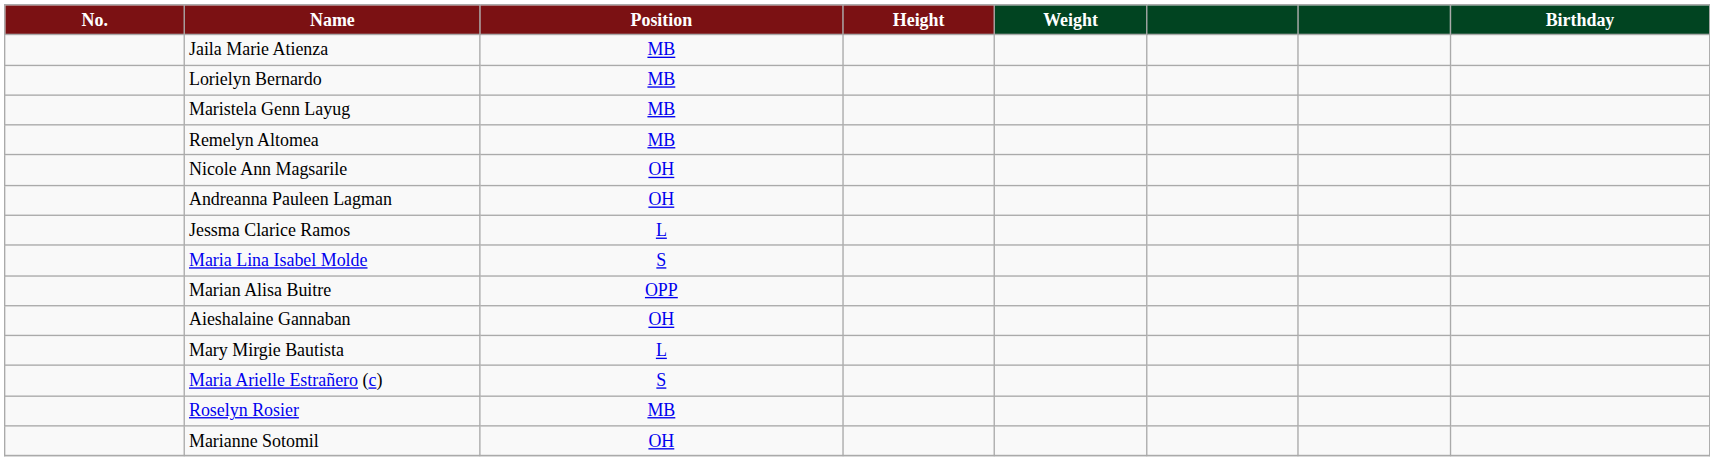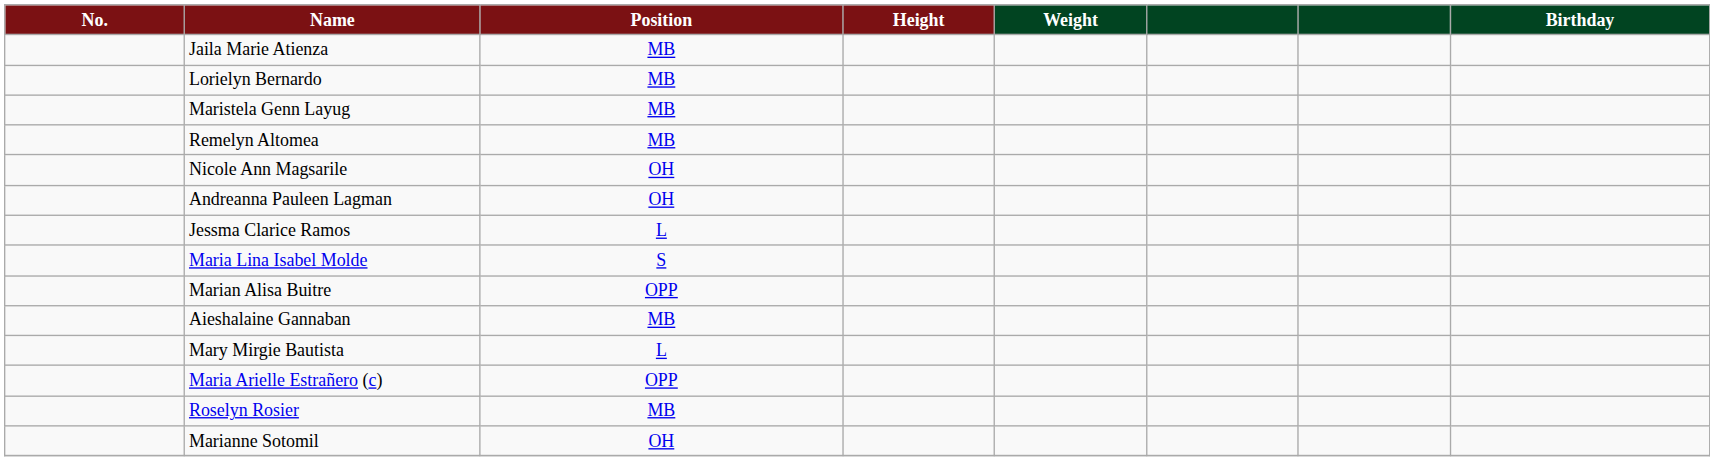 <table class="wikitable sortable" style="font-size:83%; text-align:center; width:100%;">
 <tr>
 <th style="background:#7b1113; color:white; text-align: center">No.</th>
 <th style="width:16em; background:#7b1113; color:white;">Name</th>
 <th style="background:#7b1113; color:white; text-align: center">Position</th>
 <th style="width:8em; background:#7b1113; color:white;">Height</th>
 <th style="width:8em; background:#014421; color:white;">Weight</th>
 <th style="width:8em; background:#014421; color:white;"></th>
 <th style="width:8em; background:#014421; color:white;"></th>
 <th style="width:14em; background:#014421; color:white;">Birthday</th>
 </tr>
 <tr>
 <td></td>
 <td align=left> Jaila Marie Atienza</td>
 <td><a href='#'>MB</a></td>
 <td></td>
 <td></td>
 <td></td>
 <td></td>
 <td align=right></td>
 </tr>
 <tr>
 <td></td>
 <td align=left> Lorielyn Bernardo</td>
 <td><a href='#'>MB</a></td>
 <td></td>
 <td></td>
 <td></td>
 <td></td>
 <td align=right></td>
 </tr>
 <tr>
 <td></td>
 <td align=left> Maristela Genn Layug</td>
 <td><a href='#'>MB</a></td>
 <td></td>
 <td></td>
 <td></td>
 <td></td>
 <td align=right></td>
 </tr>
 <tr>
 <td></td>
 <td align=left> Remelyn Altomea</td>
 <td><a href='#'>MB</a></td>
 <td></td>
 <td></td>
 <td></td>
 <td></td>
 <td align=right></td>
 </tr>
 <tr>
 <td></td>
 <td align=left> Nicole Ann Magsarile</td>
 <td><a href='#'>OH</a></td>
 <td></td>
 <td></td>
 <td></td>
 <td></td>
 <td align=right></td>
 </tr>
 <tr>
 <td></td>
 <td align=left> Andreanna Pauleen Lagman</td>
 <td><a href='#'>OH</a></td>
 <td></td>
 <td></td>
 <td></td>
 <td></td>
 <td align=right></td>
 </tr>
 <tr>
 <td></td>
 <td align=left> Jessma Clarice Ramos</td>
 <td><a href='#'>L</a></td>
 <td></td>
 <td></td>
 <td></td>
 <td></td>
 <td align=right></td>
 </tr>
 <tr>
 <td></td>
 <td align=left> <a href='#'>Maria Lina Isabel Molde</a></td>
 <td><a href='#'>S</a></td>
 <td></td>
 <td></td>
 <td></td>
 <td></td>
 <td align=right></td>
 </tr>
 <tr>
 <td></td>
 <td align=left> Marian Alisa Buitre</td>
 <td><a href='#'>OPP</a></td>
 <td></td>
 <td></td>
 <td></td>
 <td></td>
 <td align=right></td>
 </tr>
 <tr>
 <td></td>
 <td align=left> Aieshalaine Gannaban</td>
-<td><a href='#'>OH</a></td>
+<td><a href='#'>MB</a></td>
 <td></td>
 <td></td>
 <td></td>
 <td></td>
 <td align=right></td>
 </tr>
 <tr>
 <td></td>
 <td align=left> Mary Mirgie Bautista</td>
 <td><a href='#'>L</a></td>
 <td></td>
 <td></td>
 <td></td>
 <td></td>
 <td align=right></td>
 </tr>
 <tr>
 <td></td>
 <td align=left> <a href='#'>Maria Arielle Estrañero</a> (<a href='#'>c</a>)</td>
-<td><a href='#'>S</a></td>
+<td><a href='#'>OPP</a></td>
 <td></td>
 <td></td>
 <td></td>
 <td></td>
 <td align=right></td>
 </tr>
 <tr>
 <td></td>
 <td align=left> <a href='#'>Roselyn Rosier</a></td>
 <td><a href='#'>MB</a></td>
 <td></td>
 <td></td>
 <td></td>
 <td></td>
 <td align=right></td>
 </tr>
 <tr>
 <td></td>
 <td align=left> Marianne Sotomil</td>
 <td><a href='#'>OH</a></td>
 <td></td>
 <td></td>
 <td></td>
 <td></td>
 <td align=right></td>
 </tr>
 <tr>
 </tr>
 </table>
